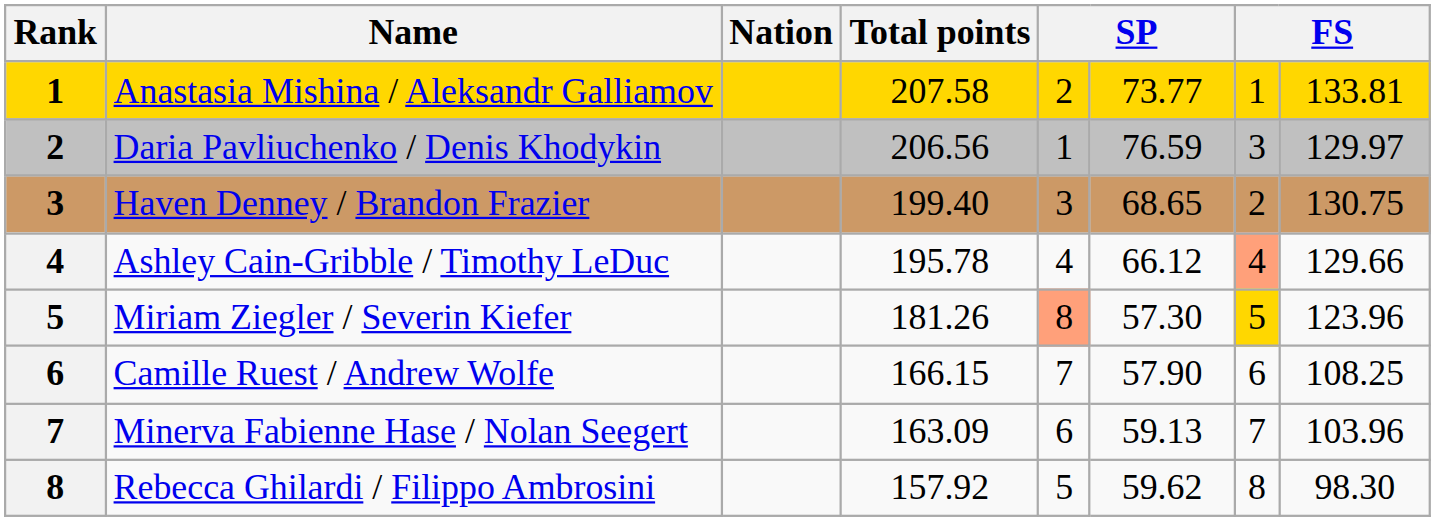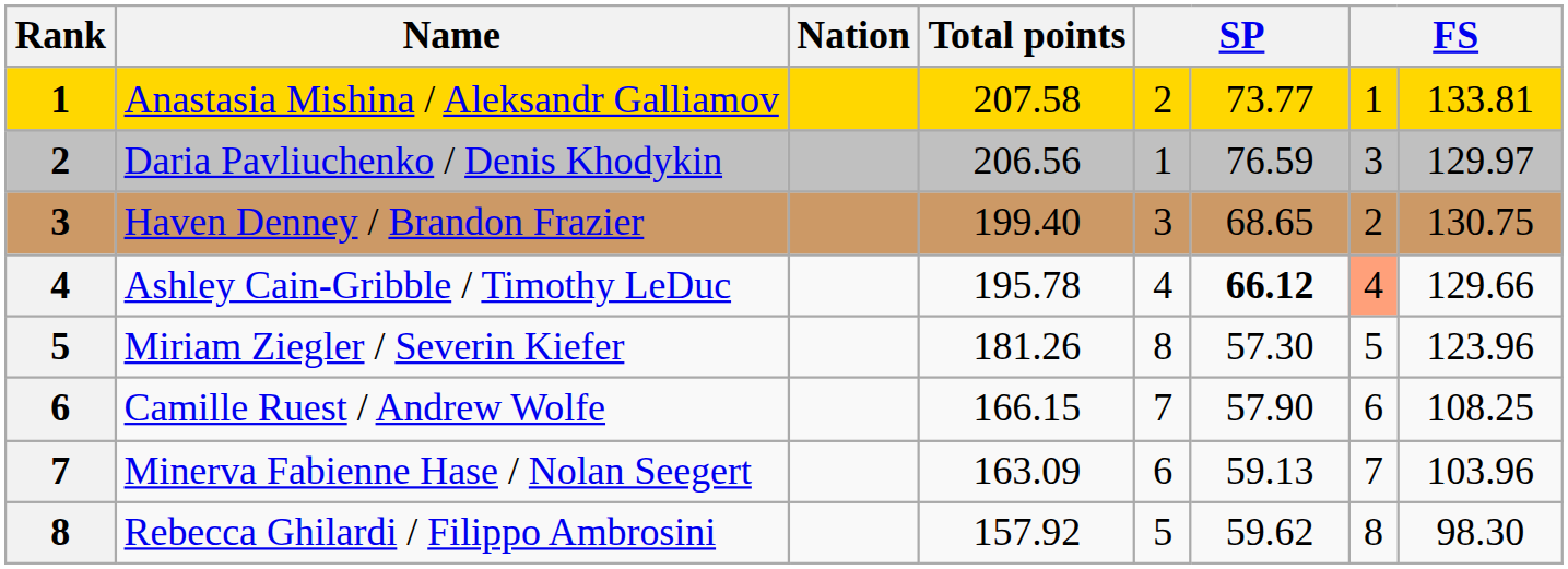 <table class="wikitable sortable">
 <tr>
 <th>Rank</th>
 <th>Name</th>
 <th>Nation</th>
 <th>Total points</th>
 <th colspan="2" width="80px"><a href='#'>SP</a></th>
 <th colspan="2" width="80px"><a href='#'>FS</a></th>
 </tr>
 <tr bgcolor="gold">
 <td align="center"><strong>1</strong></td>
 <td><a href='#'>Anastasia Mishina</a> / <a href='#'>Aleksandr Galliamov</a></td>
 <td></td>
 <td align="center">207.58</td>
 <td align="center">2</td>
 <td align="center">73.77</td>
 <td align="center">1</td>
 <td align="center">133.81</td>
 </tr>
 <tr bgcolor="silver">
 <td align="center"><strong>2</strong></td>
 <td><a href='#'>Daria Pavliuchenko</a> / <a href='#'>Denis Khodykin</a></td>
 <td></td>
 <td align="center">206.56</td>
 <td align="center">1</td>
 <td align="center">76.59</td>
 <td align="center">3</td>
 <td align="center">129.97</td>
 </tr>
 <tr bgcolor="cc9966">
 <td align="center"><strong>3</strong></td>
 <td><a href='#'>Haven Denney</a> / <a href='#'>Brandon Frazier</a></td>
 <td></td>
 <td align="center">199.40</td>
 <td align="center">3</td>
 <td align="center">68.65</td>
 <td align="center">2</td>
 <td align="center">130.75</td>
 </tr>
 <tr>
 <th>4</th>
 <td><a href='#'>Ashley Cain-Gribble</a> / <a href='#'>Timothy LeDuc</a></td>
 <td></td>
 <td align="center">195.78</td>
 <td align="center">4</td>
-<td align="center">66.12</td>
+<td align="center"><strong>66.12</strong></td>
 <td align="center" style="background: lightsalmon;">4</td>
 <td align="center">129.66</td>
 </tr>
 <tr>
 <th>5</th>
 <td><a href='#'>Miriam Ziegler</a> / <a href='#'>Severin Kiefer</a></td>
 <td></td>
 <td align="center">181.26</td>
-<td align="center" style="background: lightsalmon;">8</td>
+<td align="center">8</td>
 <td align="center">57.30</td>
-<td align="center" style="background: gold;">5</td>
+<td align="center">5</td>
 <td align="center">123.96</td>
 </tr>
 <tr>
 <th>6</th>
 <td><a href='#'>Camille Ruest</a> / <a href='#'>Andrew Wolfe</a></td>
 <td></td>
 <td align="center">166.15</td>
 <td align="center">7</td>
 <td align="center">57.90</td>
 <td align="center">6</td>
 <td align="center">108.25</td>
 </tr>
 <tr>
 <th>7</th>
 <td><a href='#'>Minerva Fabienne Hase</a> / <a href='#'>Nolan Seegert</a></td>
 <td></td>
 <td align="center">163.09</td>
 <td align="center">6</td>
 <td align="center">59.13</td>
 <td align="center">7</td>
 <td align="center">103.96</td>
 </tr>
 <tr>
 <th>8</th>
 <td><a href='#'>Rebecca Ghilardi</a> / <a href='#'>Filippo Ambrosini</a></td>
 <td></td>
 <td align="center">157.92</td>
 <td align="center">5</td>
 <td align="center">59.62</td>
 <td align="center">8</td>
 <td align="center">98.30</td>
 </tr>
 </table>
